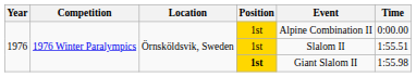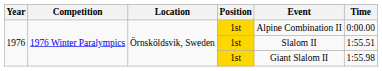 <table class="wikitable" width=65% style="font-size:90%; text-align:center;">
 <tr>
 <th>Year</th>
 <th>Competition</th>
 <th>Location</th>
 <th>Position</th>
 <th>Event</th>
 <th>Time</th>
 </tr>
 <tr>
 <td rowspan=3>1976</td>
 <td rowspan=3><a href='#'>1976 Winter Paralympics</a></td>
 <td rowspan=3>Örnsköldsvik, Sweden</td>
 <td bgcolor=gold>1st</td>
 <td>Alpine Combination II</td>
 <td>0:00.00</td>
 </tr>
 <tr>
 <td bgcolor=gold>1st</td>
 <td>Slalom II</td>
 <td>1:55.51</td>
 </tr>
 <tr>
-<td bgcolor=gold><strong>1st</strong></td>
+<td bgcolor=gold>1st</td>
 <td>Giant Slalom II</td>
 <td>1:55.98</td>
 </tr>
 </table>
